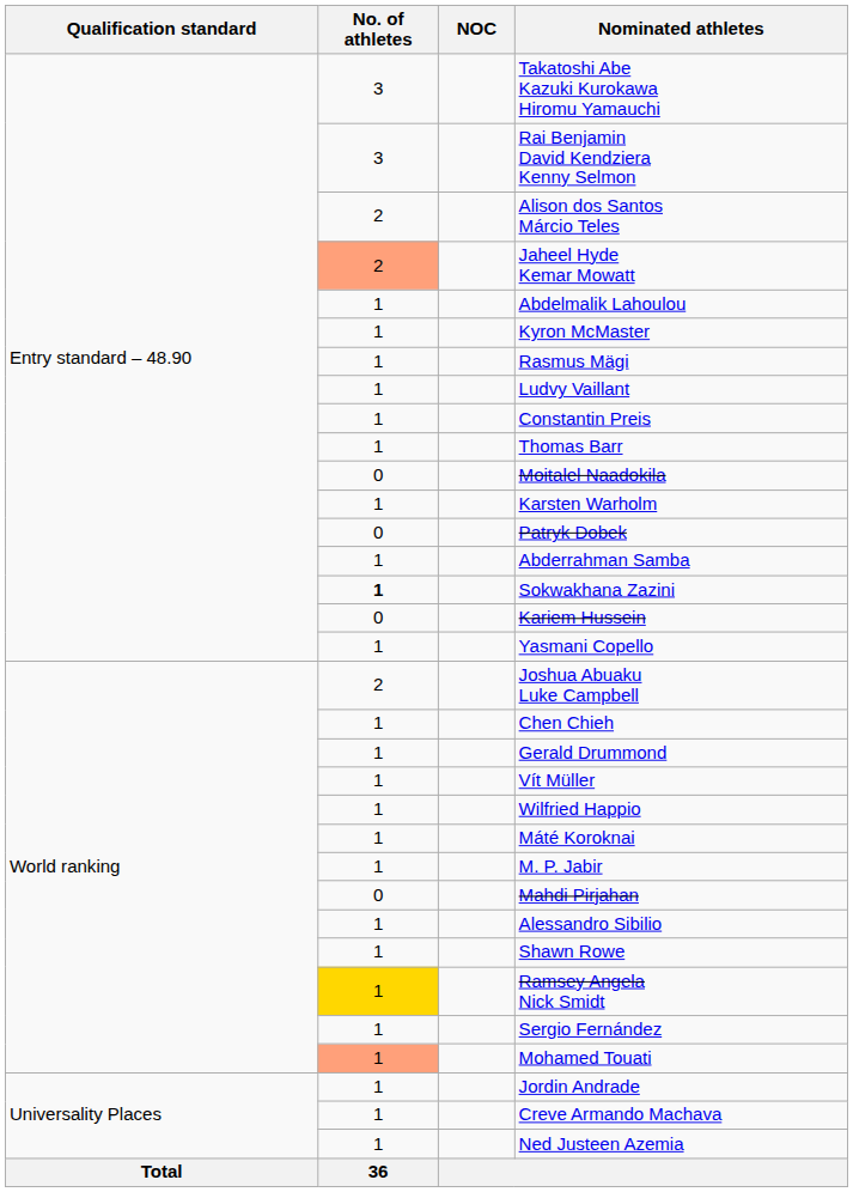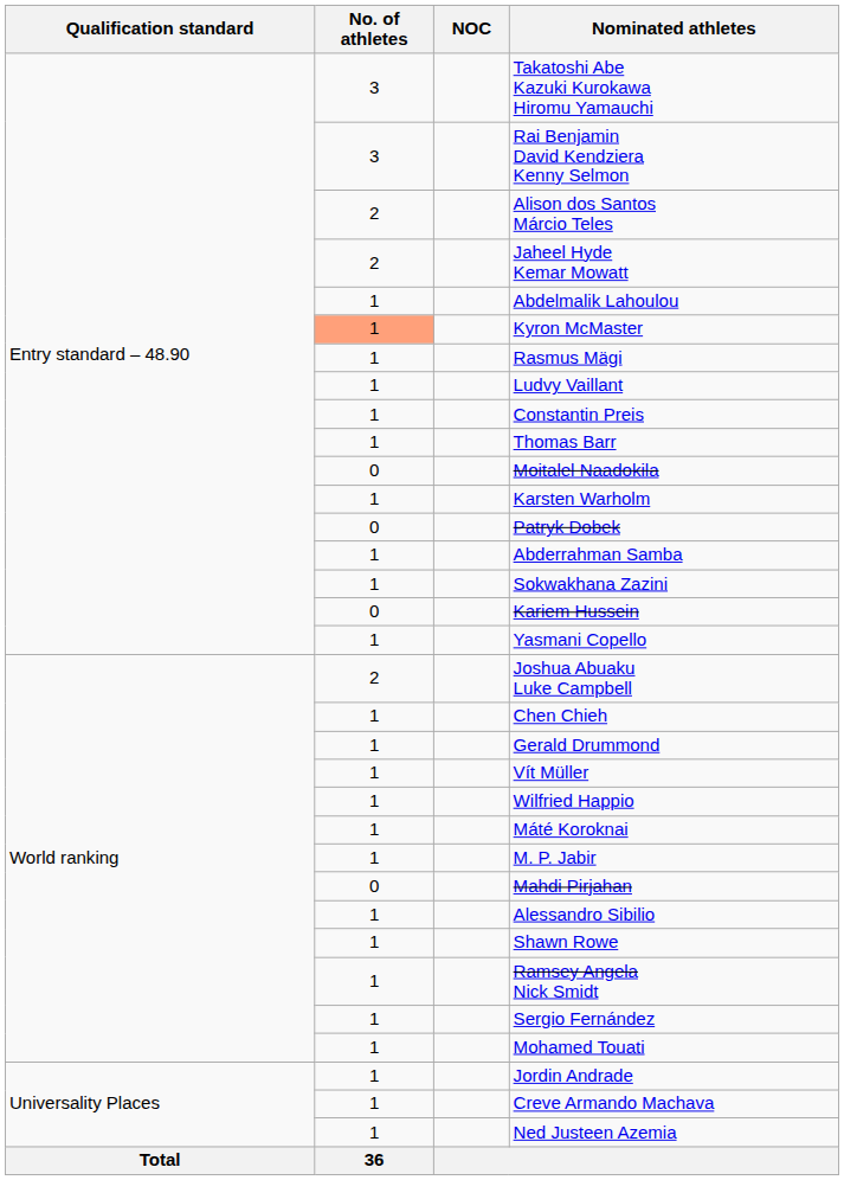 <table class="wikitable" style="text-align:left; width:750px;">
 <tr>
 <th>Qualification standard</th>
 <th width=100>No. of athletes</th>
 <th>NOC</th>
 <th>Nominated athletes</th>
 </tr>
 <tr>
 <td rowspan=17>Entry standard – 48.90</td>
 <td align=center>3</td>
 <td></td>
 <td><a href='#'>Takatoshi Abe</a><br><a href='#'>Kazuki Kurokawa</a><br><a href='#'>Hiromu Yamauchi</a></td>
 </tr>
 <tr>
 <td align=center>3</td>
 <td></td>
 <td><a href='#'>Rai Benjamin</a><br><a href='#'>David Kendziera</a><br><a href='#'>Kenny Selmon</a></td>
 </tr>
 <tr>
 <td align=center>2</td>
 <td></td>
 <td><a href='#'>Alison dos Santos</a><br><a href='#'>Márcio Teles</a></td>
 </tr>
 <tr>
-<td align=center style="background: lightsalmon;">2</td>
+<td align=center>2</td>
 <td></td>
 <td><a href='#'>Jaheel Hyde</a><br><a href='#'>Kemar Mowatt</a></td>
 </tr>
 <tr>
 <td align=center>1</td>
 <td></td>
 <td><a href='#'>Abdelmalik Lahoulou</a></td>
 </tr>
 <tr>
-<td align=center>1</td>
+<td align=center style="background: lightsalmon;">1</td>
 <td></td>
 <td><a href='#'>Kyron McMaster</a></td>
 </tr>
 <tr>
 <td align=center>1</td>
 <td></td>
 <td><a href='#'>Rasmus Mägi</a></td>
 </tr>
 <tr>
 <td align=center>1</td>
 <td></td>
 <td><a href='#'>Ludvy Vaillant</a></td>
 </tr>
 <tr>
 <td align=center>1</td>
 <td></td>
 <td><a href='#'>Constantin Preis</a></td>
 </tr>
 <tr>
 <td align=center>1</td>
 <td></td>
 <td><a href='#'>Thomas Barr</a></td>
 </tr>
 <tr>
 <td align=center>0</td>
 <td></td>
 <td><s><a href='#'>Moitalel Naadokila</a></s></td>
 </tr>
 <tr>
 <td align=center>1</td>
 <td></td>
 <td><a href='#'>Karsten Warholm</a></td>
 </tr>
 <tr>
 <td align=center>0</td>
 <td></td>
 <td><s><a href='#'>Patryk Dobek</a></s></td>
 </tr>
 <tr>
 <td align=center>1</td>
 <td></td>
 <td><a href='#'>Abderrahman Samba</a></td>
 </tr>
 <tr>
-<td align=center><strong>1</strong></td>
+<td align=center>1</td>
 <td></td>
 <td><a href='#'>Sokwakhana Zazini</a></td>
 </tr>
 <tr>
 <td align=center>0</td>
 <td></td>
 <td><s><a href='#'>Kariem Hussein</a></s></td>
 </tr>
 <tr>
 <td align=center>1</td>
 <td></td>
 <td><a href='#'>Yasmani Copello</a></td>
 </tr>
 <tr>
 <td rowspan=13>World ranking</td>
 <td align=center>2</td>
 <td></td>
 <td><a href='#'>Joshua Abuaku</a><br><a href='#'>Luke Campbell</a></td>
 </tr>
 <tr>
 <td align=center>1</td>
 <td></td>
 <td><a href='#'>Chen Chieh</a></td>
 </tr>
 <tr>
 <td align=center>1</td>
 <td></td>
 <td><a href='#'>Gerald Drummond</a></td>
 </tr>
 <tr>
 <td align=center>1</td>
 <td></td>
 <td><a href='#'>Vít Müller</a></td>
 </tr>
 <tr>
 <td align=center>1</td>
 <td></td>
 <td><a href='#'>Wilfried Happio</a></td>
 </tr>
 <tr>
 <td align=center>1</td>
 <td></td>
 <td><a href='#'>Máté Koroknai</a></td>
 </tr>
 <tr>
 <td align=center>1</td>
 <td></td>
 <td><a href='#'>M. P. Jabir</a></td>
 </tr>
 <tr>
 <td align=center>0</td>
 <td></td>
 <td><s><a href='#'>Mahdi Pirjahan</a></s></td>
 </tr>
 <tr>
 <td align=center>1</td>
 <td></td>
 <td><a href='#'>Alessandro Sibilio</a></td>
 </tr>
 <tr>
 <td align=center>1</td>
 <td></td>
 <td><a href='#'>Shawn Rowe</a></td>
 </tr>
 <tr>
-<td align=center style="background: gold;">1</td>
+<td align=center>1</td>
 <td></td>
 <td><s><a href='#'>Ramsey Angela</a></s><br><a href='#'>Nick Smidt</a></td>
 </tr>
 <tr>
 <td align=center>1</td>
 <td></td>
 <td><a href='#'>Sergio Fernández</a></td>
 </tr>
 <tr>
-<td align=center style="background: lightsalmon;">1</td>
+<td align=center>1</td>
 <td></td>
 <td><a href='#'>Mohamed Touati</a></td>
 </tr>
 <tr>
 <td rowspan=3>Universality Places</td>
 <td align=center>1</td>
 <td></td>
 <td><a href='#'>Jordin Andrade</a></td>
 </tr>
 <tr>
 <td align=center>1</td>
 <td></td>
 <td><a href='#'>Creve Armando Machava</a></td>
 </tr>
 <tr>
 <td align=center>1</td>
 <td></td>
 <td><a href='#'>Ned Justeen Azemia</a></td>
 </tr>
 <tr>
 <th>Total</th>
 <th>36</th>
 <th colspan=2></th>
 </tr>
 </table>
